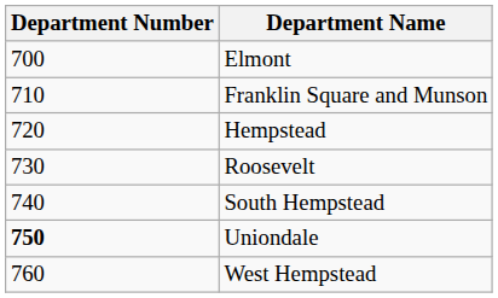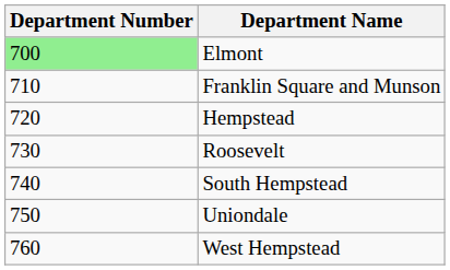 <table class="wikitable mw-collapsible">
 <tr valign="bottom">
 <th>Department Number</th>
 <th>Department Name</th>
 </tr>
 <tr>
-<td>700</td>
+<td style="background: lightgreen;">700</td>
 <td>Elmont</td>
 </tr>
 <tr>
 <td>710</td>
 <td>Franklin Square and Munson</td>
 </tr>
 <tr>
 <td>720</td>
 <td>Hempstead</td>
 </tr>
 <tr>
 <td>730</td>
 <td>Roosevelt</td>
 </tr>
 <tr>
 <td>740</td>
 <td>South Hempstead</td>
 </tr>
 <tr>
-<td><strong>750</strong></td>
+<td>750</td>
 <td>Uniondale</td>
 </tr>
 <tr>
 <td>760</td>
 <td>West Hempstead</td>
 </tr>
 </table>
